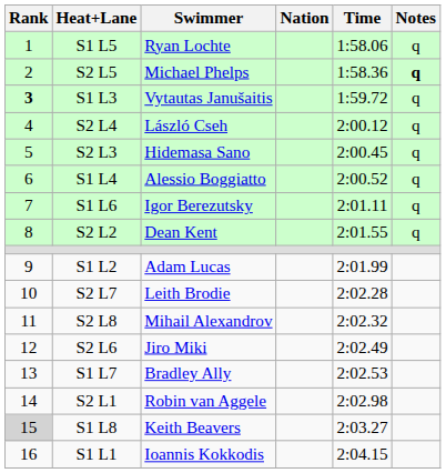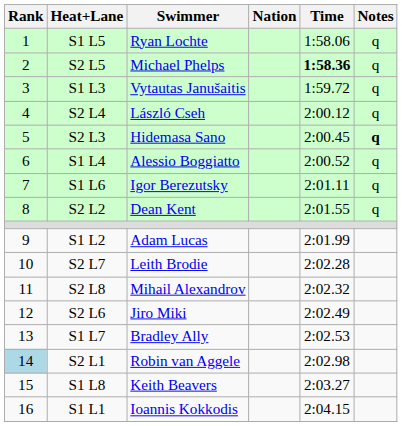 <table class="wikitable sortable" style="text-align:center">
 <tr>
 <th>Rank</th>
 <th>Heat+Lane</th>
 <th>Swimmer</th>
 <th>Nation</th>
 <th>Time</th>
 <th>Notes</th>
 </tr>
 <tr bgcolor=ccffcc>
 <td>1</td>
 <td>S1 L5</td>
 <td align=left><a href='#'>Ryan Lochte</a></td>
 <td align=left></td>
 <td>1:58.06</td>
 <td>q</td>
 </tr>
 <tr bgcolor=ccffcc>
 <td>2</td>
 <td>S2 L5</td>
 <td align=left><a href='#'>Michael Phelps</a></td>
 <td align=left></td>
-<td>1:58.36</td>
-<td><strong>q</strong></td>
+<td><strong>1:58.36</strong></td>
+<td>q</td>
 </tr>
 <tr bgcolor=ccffcc>
-<td><strong>3</strong></td>
+<td>3</td>
 <td>S1 L3</td>
 <td align=left><a href='#'>Vytautas Janušaitis</a></td>
 <td align=left></td>
 <td>1:59.72</td>
 <td>q</td>
 </tr>
 <tr bgcolor=ccffcc>
 <td>4</td>
 <td>S2 L4</td>
 <td align=left><a href='#'>László Cseh</a></td>
 <td align=left></td>
 <td>2:00.12</td>
 <td>q</td>
 </tr>
 <tr bgcolor=ccffcc>
 <td>5</td>
 <td>S2 L3</td>
 <td align=left><a href='#'>Hidemasa Sano</a></td>
 <td align=left></td>
 <td>2:00.45</td>
-<td>q</td>
+<td><strong>q</strong></td>
 </tr>
 <tr bgcolor=ccffcc>
 <td>6</td>
 <td>S1 L4</td>
 <td align=left><a href='#'>Alessio Boggiatto</a></td>
 <td align=left></td>
 <td>2:00.52</td>
 <td>q</td>
 </tr>
 <tr bgcolor=ccffcc>
 <td>7</td>
 <td>S1 L6</td>
 <td align=left><a href='#'>Igor Berezutsky</a></td>
 <td align=left></td>
 <td>2:01.11</td>
 <td>q</td>
 </tr>
 <tr bgcolor=ccffcc>
 <td>8</td>
 <td>S2 L2</td>
 <td align=left><a href='#'>Dean Kent</a></td>
 <td align=left></td>
 <td>2:01.55</td>
 <td>q</td>
 </tr>
 <tr bgcolor=#DDDDDD>
 <td colspan=7></td>
 </tr>
 <tr>
 <td>9</td>
 <td>S1 L2</td>
 <td align=left><a href='#'>Adam Lucas</a></td>
 <td align=left></td>
 <td>2:01.99</td>
 <td></td>
 </tr>
 <tr>
 <td>10</td>
 <td>S2 L7</td>
 <td align=left><a href='#'>Leith Brodie</a></td>
 <td align=left></td>
 <td>2:02.28</td>
 <td></td>
 </tr>
 <tr>
 <td>11</td>
 <td>S2 L8</td>
 <td align=left><a href='#'>Mihail Alexandrov</a></td>
 <td align=left></td>
 <td>2:02.32</td>
 <td></td>
 </tr>
 <tr>
 <td>12</td>
 <td>S2 L6</td>
 <td align=left><a href='#'>Jiro Miki</a></td>
 <td align=left></td>
 <td>2:02.49</td>
 <td></td>
 </tr>
 <tr>
 <td>13</td>
 <td>S1 L7</td>
 <td align=left><a href='#'>Bradley Ally</a></td>
 <td align=left></td>
 <td>2:02.53</td>
 <td></td>
 </tr>
 <tr>
-<td>14</td>
+<td style="background: lightblue;">14</td>
 <td>S2 L1</td>
 <td align=left><a href='#'>Robin van Aggele</a></td>
 <td align=left></td>
 <td>2:02.98</td>
 <td></td>
 </tr>
 <tr>
-<td style="background: lightgrey;">15</td>
+<td>15</td>
 <td>S1 L8</td>
 <td align=left><a href='#'>Keith Beavers</a></td>
 <td align=left></td>
 <td>2:03.27</td>
 <td></td>
 </tr>
 <tr>
 <td>16</td>
 <td>S1 L1</td>
 <td align=left><a href='#'>Ioannis Kokkodis</a></td>
 <td align=left></td>
 <td>2:04.15</td>
 <td></td>
 </tr>
 <tr>
 </tr>
 </table>
